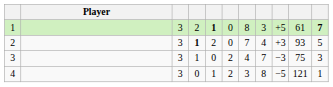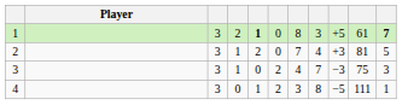 <table class="wikitable" style="text-align:center; margin: 1em auto 1em auto, align:left">
 <tr>
 <th width=20></th>
 <th width=240>Player</th>
 <th width=20></th>
 <th width=20></th>
 <th width=20></th>
 <th width=20></th>
 <th width=20></th>
 <th width=20></th>
 <th width=20></th>
 <th width=30></th>
 <th width=20></th>
 </tr>
 <tr style="background:#D0F0C0;">
 <td>1</td>
 <td align=left></td>
 <td>3</td>
 <td>2</td>
 <td><strong>1</strong></td>
 <td>0</td>
 <td>8</td>
 <td>3</td>
 <td>+5</td>
 <td>61</td>
 <td><strong>7</strong></td>
 </tr>
 <tr style=>
 <td>2</td>
 <td align=left></td>
 <td>3</td>
-<td><strong>1</strong></td>
+<td>1</td>
 <td>2</td>
 <td>0</td>
 <td>7</td>
 <td>4</td>
 <td>+3</td>
-<td>93</td>
+<td>81</td>
 <td>5</td>
 </tr>
 <tr style=>
 <td>3</td>
 <td align=left></td>
 <td>3</td>
 <td>1</td>
 <td>0</td>
 <td>2</td>
 <td>4</td>
 <td>7</td>
 <td>−3</td>
 <td>75</td>
 <td>3</td>
 </tr>
 <tr style=>
 <td>4</td>
 <td align=left></td>
 <td>3</td>
 <td>0</td>
 <td>1</td>
 <td>2</td>
 <td>3</td>
 <td>8</td>
 <td>−5</td>
-<td>121</td>
+<td>111</td>
 <td>1</td>
 </tr>
 </table>
